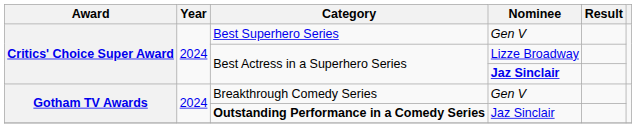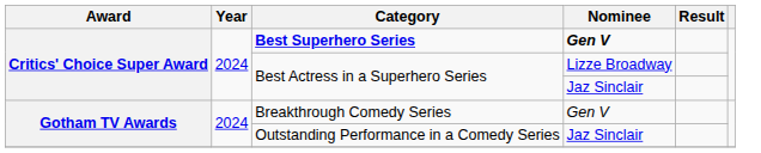 <table class="wikitable plainrowheaders sortable plainrowheaders">
 <tr>
 <th scope="col">Award</th>
 <th scope="col">Year</th>
 <th scope="col">Category</th>
 <th scope="col">Nominee</th>
 <th scope="col">Result</th>
 <th scope="col" class="unsortable"></th>
 </tr>
 <tr>
 <th scope="row" rowspan="3"><a href='#'>Critics' Choice Super Award</a></th>
 <td rowspan="3"><a href='#'>2024</a></td>
-<td><a href='#'>Best Superhero Series</a></td>
-<td><em>Gen V</em></td>
+<td><strong><a href='#'>Best Superhero Series</a></strong></td>
+<td><strong><em>Gen V</em></strong></td>
 <td></td>
 <td align="center" rowspan="3"></td>
 </tr>
 <tr>
 <td rowspan="2">Best Actress in a Superhero Series</td>
 <td><a href='#'>Lizze Broadway</a></td>
 <td></td>
 </tr>
 <tr>
-<td><strong><a href='#'>Jaz Sinclair</a></strong></td>
+<td><a href='#'>Jaz Sinclair</a></td>
 <td></td>
 </tr>
 <tr>
 <th scope="row" rowspan="2"><a href='#'>Gotham TV Awards</a></th>
 <td rowspan="2"><a href='#'>2024</a></td>
 <td>Breakthrough Comedy Series</td>
 <td><em>Gen V</em></td>
 <td></td>
 <td align="center" rowspan="2"></td>
 </tr>
 <tr>
-<td><strong>Outstanding Performance in a Comedy Series</strong></td>
+<td>Outstanding Performance in a Comedy Series</td>
 <td><a href='#'>Jaz Sinclair</a></td>
 <td></td>
 </tr>
 <tr>
 </tr>
 </table>
